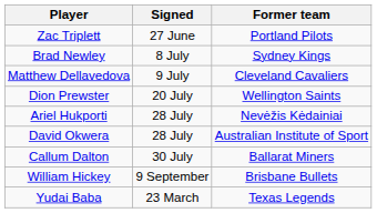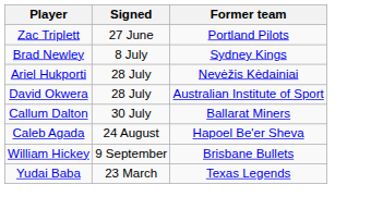 <table class="wikitable sortable sortable" style="text-align: center">
 <tr>
 <th>Player</th>
 <th>Signed</th>
 <th>Former team</th>
 </tr>
 <tr>
 <td><a href='#'>Zac Triplett</a></td>
 <td>27 June</td>
 <td><a href='#'>Portland Pilots</a></td>
 </tr>
 <tr>
 <td><a href='#'>Brad Newley</a></td>
 <td>8 July</td>
 <td><a href='#'>Sydney Kings</a></td>
 </tr>
 <tr>
-<td><a href='#'>Matthew Dellavedova</a></td>
-<td>9 July</td>
-<td><a href='#'>Cleveland Cavaliers</a></td>
-</tr>
-<tr>
-<td><a href='#'>Dion Prewster</a></td>
-<td>20 July</td>
-<td><a href='#'>Wellington Saints</a></td>
-</tr>
-<tr>
 <td><a href='#'>Ariel Hukporti</a></td>
 <td>28 July</td>
 <td><a href='#'>Nevėžis Kėdainiai</a></td>
 </tr>
 <tr>
 <td><a href='#'>David Okwera</a></td>
 <td>28 July</td>
 <td><a href='#'>Australian Institute of Sport</a></td>
 </tr>
 <tr>
 <td><a href='#'>Callum Dalton</a></td>
 <td>30 July</td>
 <td><a href='#'>Ballarat Miners</a></td>
 </tr>
 <tr>
+<td><a href='#'>Caleb Agada</a></td>
+<td>24 August</td>
+<td><a href='#'>Hapoel Be'er Sheva</a></td>
+</tr>
+<tr>
 <td><a href='#'>William Hickey</a></td>
 <td>9 September</td>
 <td><a href='#'>Brisbane Bullets</a></td>
 </tr>
 <tr>
 <td><a href='#'>Yudai Baba</a></td>
 <td>23 March</td>
 <td><a href='#'>Texas Legends</a></td>
 </tr>
 </table>
